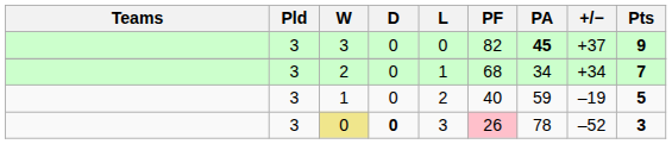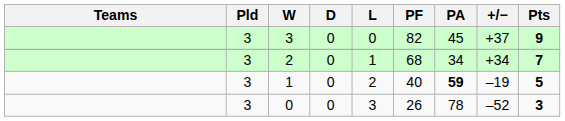 <table class="wikitable" style="text-align: center;">
 <tr>
 <th width="245">Teams</th>
 <th width="40">Pld</th>
 <th width="40">W</th>
 <th width="40">D</th>
 <th width="40">L</th>
 <th width="40">PF</th>
 <th width="40">PA</th>
 <th width="40">+/−</th>
 <th width="40">Pts</th>
 </tr>
 <tr bgcolor=ccffcc>
 <td align=left></td>
 <td>3</td>
 <td>3</td>
 <td>0</td>
 <td>0</td>
 <td>82</td>
-<td><strong>45</strong></td>
+<td>45</td>
 <td>+37</td>
 <td><strong>9</strong></td>
 </tr>
 <tr>
 </tr>
 <tr bgcolor=ccffcc>
 <td align=left></td>
 <td>3</td>
 <td>2</td>
 <td>0</td>
 <td>1</td>
 <td>68</td>
 <td>34</td>
 <td>+34</td>
 <td><strong>7</strong></td>
 </tr>
 <tr>
 <td align=left></td>
 <td>3</td>
 <td>1</td>
 <td>0</td>
 <td>2</td>
 <td>40</td>
-<td>59</td>
+<td><strong>59</strong></td>
 <td>–19</td>
 <td><strong>5</strong></td>
 </tr>
 <tr>
 <td align=left></td>
 <td>3</td>
-<td style="background: khaki;">0</td>
-<td><strong>0</strong></td>
+<td>0</td>
+<td>0</td>
 <td>3</td>
-<td style="background: pink;">26</td>
+<td>26</td>
 <td>78</td>
 <td>–52</td>
 <td><strong>3</strong></td>
 </tr>
 </table>
